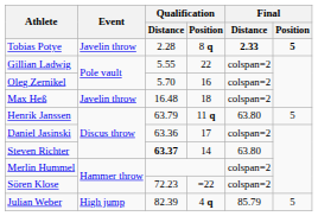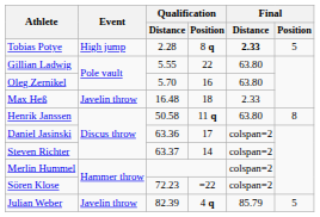 <table class=wikitable style=font-size:90%>
 <tr>
 <th rowspan=2>Athlete</th>
 <th rowspan=2>Event</th>
 <th colspan=2>Qualification</th>
 <th colspan=2>Final</th>
 </tr>
 <tr style=font-size:95%>
 <th>Distance</th>
 <th>Position</th>
 <th>Distance</th>
 <th>Position</th>
 </tr>
 <tr align=center>
 <td align=left><a href='#'>Tobias Potye</a></td>
-<td align=left><a href='#'>Javelin throw</a></td>
+<td align=left><a href='#'>High jump</a></td>
 <td>2.28</td>
 <td>8 <strong>q</strong></td>
 <td><strong>2.33</strong></td>
-<td><strong>5</strong></td>
+<td>5</td>
 </tr>
 <tr align=center>
 <td align=left><a href='#'>Gillian Ladwig</a></td>
 <td align=left rowspan=2><a href='#'>Pole vault</a></td>
 <td>5.55</td>
 <td>22</td>
-<td>colspan=2 </td>
+<td>63.80</td>
 </tr>
 <tr align=center>
 <td align=left><a href='#'>Oleg Zernikel</a></td>
 <td>5.70 </td>
 <td>16</td>
-<td>colspan=2 </td>
+<td>63.80</td>
 </tr>
 <tr align=center>
 <td align=left><a href='#'>Max Heß</a></td>
 <td align=left><a href='#'>Javelin throw</a></td>
 <td>16.48</td>
 <td>18</td>
-<td>colspan=2 </td>
+<td>2.33</td>
 </tr>
 <tr align=center>
 <td align=left><a href='#'>Henrik Janssen</a></td>
 <td align=left rowspan=3><a href='#'>Discus throw</a></td>
-<td>63.79</td>
+<td>50.58</td>
 <td>11 <strong>q</strong></td>
 <td>63.80</td>
-<td>5</td>
+<td>8</td>
 </tr>
 <tr align=center>
 <td align=left><a href='#'>Daniel Jasinski</a></td>
 <td>63.36</td>
 <td>17</td>
 <td>colspan=2 </td>
 </tr>
 <tr align=center>
 <td align=left><a href='#'>Steven Richter</a></td>
-<td><strong>63.37</strong></td>
+<td>63.37</td>
 <td>14</td>
-<td>63.80</td>
+<td>colspan=2 </td>
 </tr>
 <tr align=center>
 <td align=left><a href='#'>Merlin Hummel</a></td>
 <td align=left rowspan=2><a href='#'>Hammer throw</a></td>
 <td colspan=2></td>
 <td>colspan=2 </td>
 </tr>
 <tr align=center>
 <td align=left><a href='#'>Sören Klose</a></td>
 <td>72.23</td>
 <td>=22</td>
 <td>colspan=2 </td>
 </tr>
 <tr align=center>
 <td align=left><a href='#'>Julian Weber</a></td>
-<td align=left><a href='#'>High jump</a></td>
+<td align=left><a href='#'>Javelin throw</a></td>
 <td>82.39</td>
 <td>4 <strong>q</strong></td>
 <td>85.79</td>
 <td>5</td>
 </tr>
 </table>
